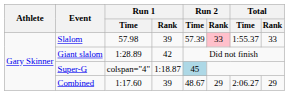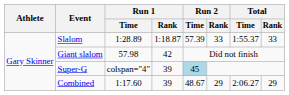 <table class="wikitable" style="font-size:90%">
 <tr>
 <th rowspan=2>Athlete</th>
 <th rowspan=2>Event</th>
 <th colspan=2>Run 1</th>
 <th colspan=2>Run 2</th>
 <th colspan=2>Total</th>
 </tr>
 <tr style="font-size:95%">
 <th>Time</th>
 <th>Rank</th>
 <th>Time</th>
 <th>Rank</th>
 <th>Time</th>
 <th>Rank</th>
 </tr>
 <tr align=center>
 <td align="left" rowspan="4"><a href='#'>Gary Skinner</a></td>
 <td align="left"><a href='#'>Slalom</a></td>
-<td>57.98</td>
-<td>39</td>
+<td>1:28.89</td>
+<td>1:18.87</td>
 <td>57.39</td>
-<td style="background: pink;">33</td>
+<td>33</td>
 <td>1:55.37</td>
 <td>33</td>
 </tr>
 <tr align=center>
 <td align="left"><a href='#'>Giant slalom</a></td>
-<td>1:28.89</td>
+<td>57.98</td>
 <td>42</td>
 <td colspan=4>Did not finish</td>
 </tr>
 <tr align=center>
 <td align="left"><a href='#'>Super-G</a></td>
 <td>colspan="4" </td>
-<td>1:18.87</td>
+<td>39</td>
 <td style="background: lightblue;">45</td>
 </tr>
 <tr align=center>
 <td align="left"><a href='#'>Combined</a></td>
 <td>1:17.60</td>
 <td>39</td>
 <td>48.67</td>
 <td>29</td>
 <td>2:06.27</td>
 <td>29</td>
 </tr>
 </table>
